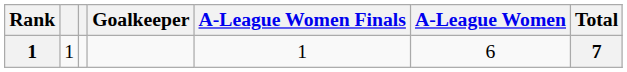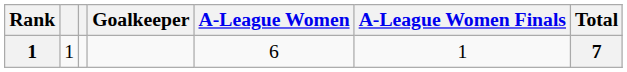 <table class="wikitable" style="text-align:center">
 <tr>
 <th>Rank</th>
 <th></th>
 <th></th>
 <th>Goalkeeper</th>
+<th><a href='#'>A-League Women</a></th>
 <th><a href='#'>A-League Women Finals</a></th>
-<th><a href='#'>A-League Women</a></th>
 <th>Total</th>
 </tr>
 <tr>
 <th>1</th>
 <td>1</td>
 <td></td>
 <td align="left"></td>
+<td>6</td>
 <td>1</td>
-<td>6</td>
 <th>7</th>
 </tr>
 </table>
